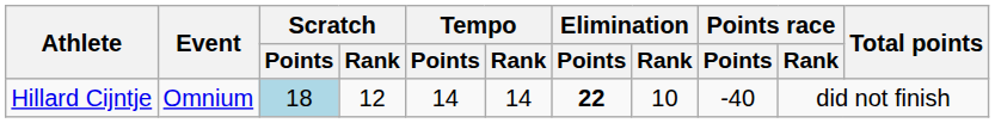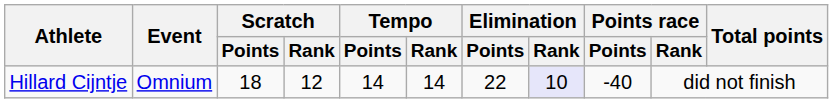 <table class="wikitable" style="font-size:90%">
 <tr>
 <th rowspan=2>Athlete</th>
 <th rowspan=2>Event</th>
 <th colspan=2>Scratch</th>
 <th colspan=2>Tempo</th>
 <th colspan=2>Elimination</th>
 <th colspan=2>Points race</th>
 <th rowspan=2>Total points</th>
 </tr>
 <tr style="font-size:95%">
 <th>Points</th>
 <th>Rank</th>
 <th>Points</th>
 <th>Rank</th>
 <th>Points</th>
 <th>Rank</th>
 <th>Points</th>
 <th>Rank</th>
 </tr>
 <tr align=center>
 <td align=left><a href='#'>Hillard Cijntje</a></td>
 <td align=left><a href='#'>Omnium</a></td>
-<td style="background: lightblue;">18</td>
+<td>18</td>
 <td>12</td>
 <td>14</td>
 <td>14</td>
-<td><strong>22</strong></td>
-<td>10</td>
+<td>22</td>
+<td style="background: lavender;">10</td>
 <td>-40</td>
 <td colspan=3>did not finish</td>
 </tr>
 </table>
